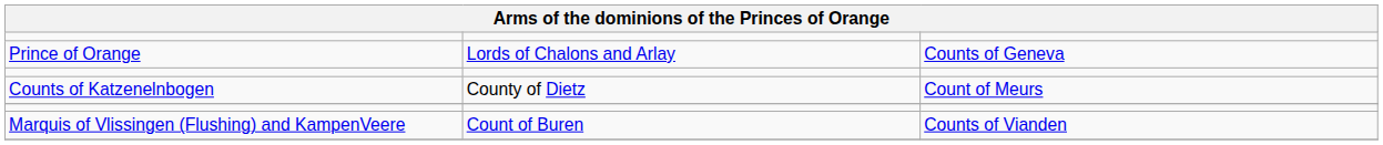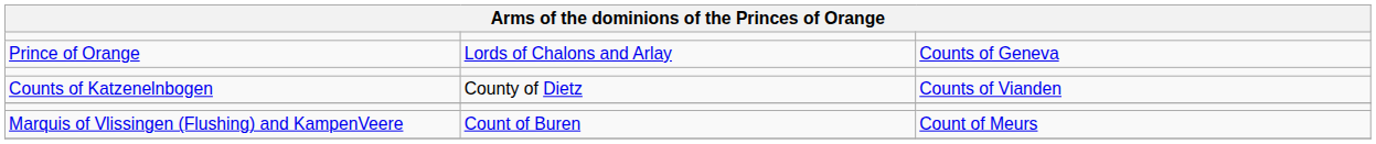 <table class="wikitable" width="100%">
 <tr>
 <th align=center colspan=4>Arms of the dominions of the Princes of Orange</th>
 </tr>
 <tr>
 <td align=center width="33%"></td>
 <td align=center width="33%"></td>
 <td align=center width="33%"></td>
 </tr>
 <tr>
 <td><a href='#'>Prince of Orange</a></td>
 <td><a href='#'>Lords of Chalons and Arlay</a></td>
 <td><a href='#'>Counts of Geneva</a></td>
 </tr>
 <tr>
 <td align=center width="33%"></td>
 <td align=center width="33%"></td>
 <td align=center width="33%"></td>
 </tr>
 <tr>
 <td><a href='#'>Counts of Katzenelnbogen</a></td>
 <td>County of <a href='#'>Dietz</a></td>
-<td><a href='#'>Count of Meurs</a></td>
+<td><a href='#'>Counts of Vianden</a></td>
 </tr>
 <tr>
 </tr>
 <tr>
 <td align=center width="33%"></td>
 <td align=center width="33%"></td>
 <td align=center width="33%"></td>
 </tr>
 <tr>
 <td><a href='#'>Marquis of Vlissingen (Flushing) and KampenVeere</a></td>
 <td><a href='#'>Count of Buren</a></td>
-<td><a href='#'>Counts of Vianden</a></td>
+<td><a href='#'>Count of Meurs</a></td>
 </tr>
 <tr>
 </tr>
 </table>
